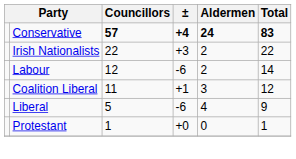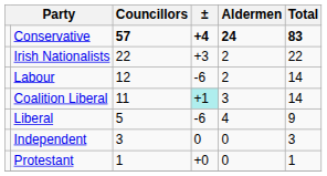 <table class="wikitable">
 <tr>
 <th colspan="2">Party</th>
 <th>Councillors</th>
 <th>  ±  </th>
 <th>Aldermen</th>
 <th>Total</th>
 </tr>
 <tr>
 <td style="background-color: "></td>
 <td><a href='#'>Conservative</a></td>
 <td><strong>57</strong></td>
 <td><strong>+4</strong></td>
 <td><strong>24</strong></td>
 <td><strong>83</strong></td>
 </tr>
 <tr>
 <td style="background-color: "></td>
 <td><a href='#'>Irish Nationalists</a></td>
 <td>22</td>
 <td>+3</td>
 <td>2</td>
 <td>22</td>
 </tr>
 <tr>
 <td style="background-color: "></td>
 <td><a href='#'>Labour</a></td>
 <td>12</td>
 <td>-6</td>
 <td>2</td>
 <td>14</td>
 </tr>
 <tr>
 <td style="background-color: "></td>
 <td><a href='#'>Coalition Liberal</a></td>
 <td>11</td>
-<td>+1</td>
+<td style="background: paleturquoise;">+1</td>
 <td>3</td>
-<td>12</td>
+<td>14</td>
 </tr>
 <tr>
 <td style="background-color: "></td>
 <td><a href='#'>Liberal</a></td>
 <td>5</td>
 <td>-6</td>
 <td>4</td>
 <td>9</td>
+</tr>
+<tr>
+<td style="background-color: "></td>
+<td><a href='#'>Independent</a></td>
+<td>3</td>
+<td>0</td>
+<td>0</td>
+<td>3</td>
 </tr>
 <tr>
 <td style="background-color: "></td>
 <td><a href='#'>Protestant</a></td>
 <td>1</td>
 <td>+0</td>
 <td>0</td>
 <td>1</td>
 </tr>
 <tr>
 </tr>
 </table>
